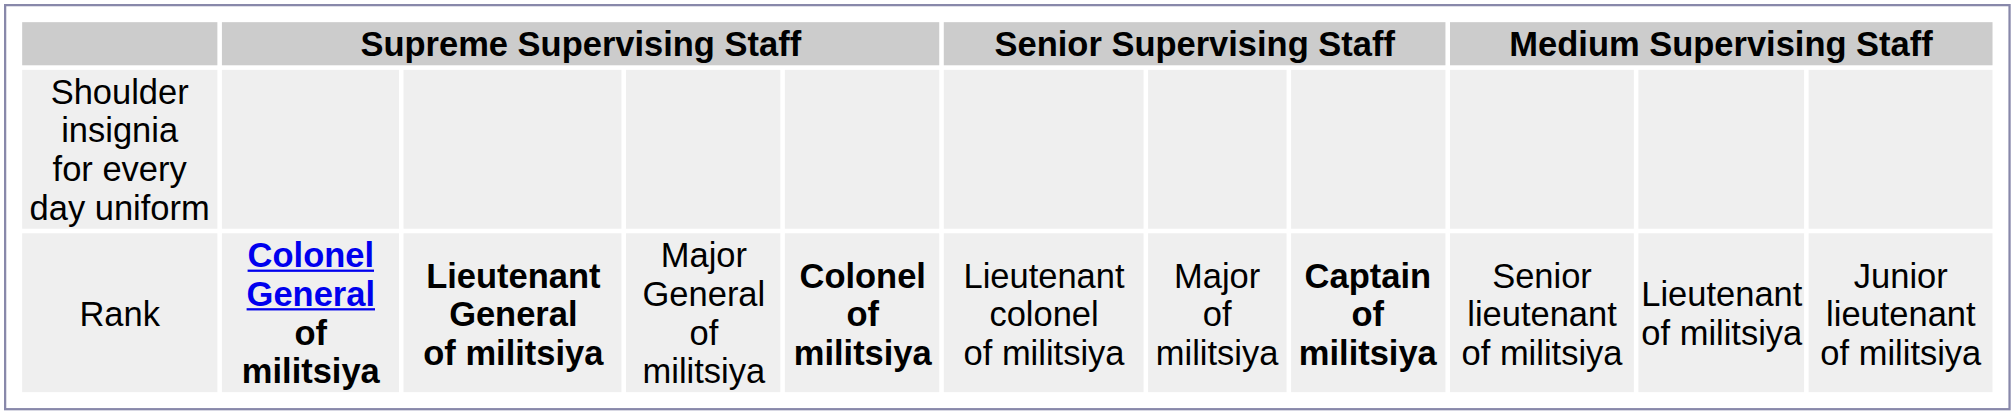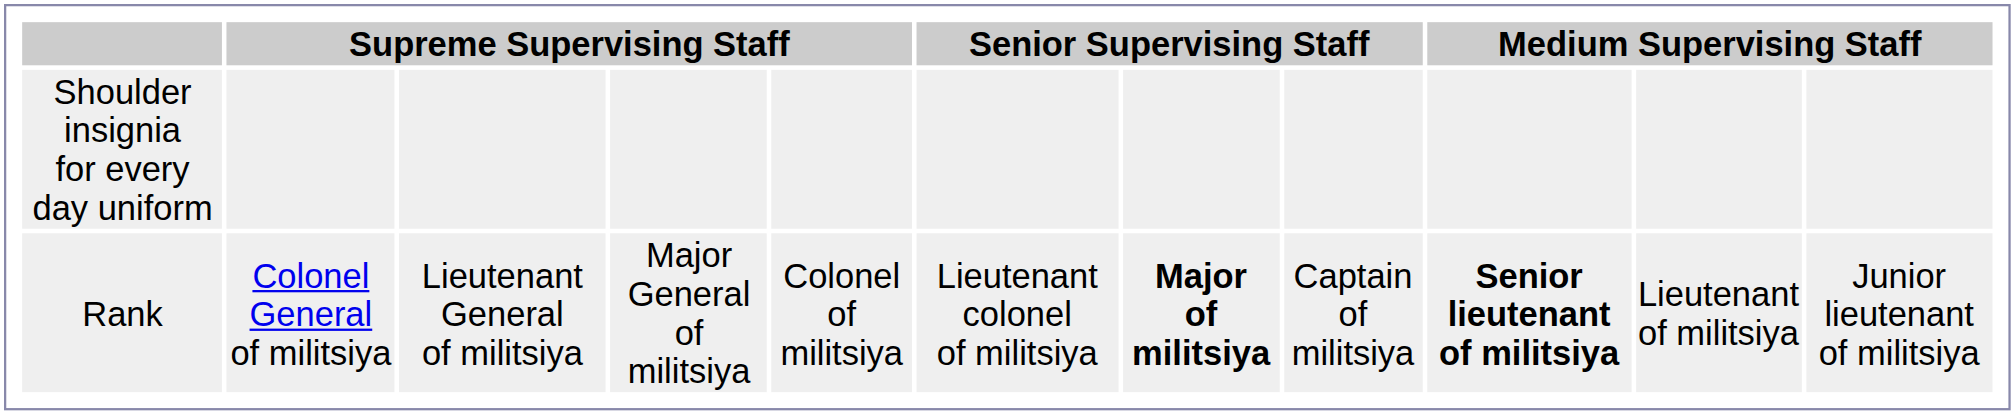 <table width="100%" style="border:1px solid #8888aa; background-color:white; padding:5px; font-size:95%; margin: 0px 12px 12px 0px; text-align:center;">
 <tr style="background:#cccccc;">
 <th></th>
 <th colspan="4">Supreme Supervising Staff</th>
 <th colspan="3">Senior Supervising Staff</th>
 <th colspan="4">Medium Supervising Staff</th>
 </tr>
 <tr style="background:#efefef;">
 <td>Shoulder insignia<br>for every day uniform</td>
 <td></td>
 <td></td>
 <td></td>
 <td></td>
 <td></td>
 <td></td>
 <td></td>
 <td></td>
 <td></td>
 <td></td>
 </tr>
 <tr style="background:#efefef;">
 <td>Rank</td>
-<td><strong><a href='#'>Colonel General</a><br>of militsiya</strong></td>
-<td><strong>Lieutenant General<br>of militsiya</strong></td>
+<td><a href='#'>Colonel General</a><br>of militsiya</td>
+<td>Lieutenant General<br>of militsiya</td>
 <td>Major General<br>of militsiya</td>
-<td><strong>Colonel<br>of militsiya</strong></td>
+<td>Colonel<br>of militsiya</td>
 <td>Lieutenant colonel<br>of militsiya</td>
-<td>Major<br>of militsiya</td>
-<td><strong>Captain<br>of militsiya</strong></td>
-<td>Senior lieutenant<br>of militsiya</td>
+<td><strong>Major<br>of militsiya</strong></td>
+<td>Captain<br>of militsiya</td>
+<td><strong>Senior lieutenant<br>of militsiya</strong></td>
 <td>Lieutenant<br>of militsiya</td>
 <td>Junior lieutenant<br>of militsiya</td>
 </tr>
 </table>
